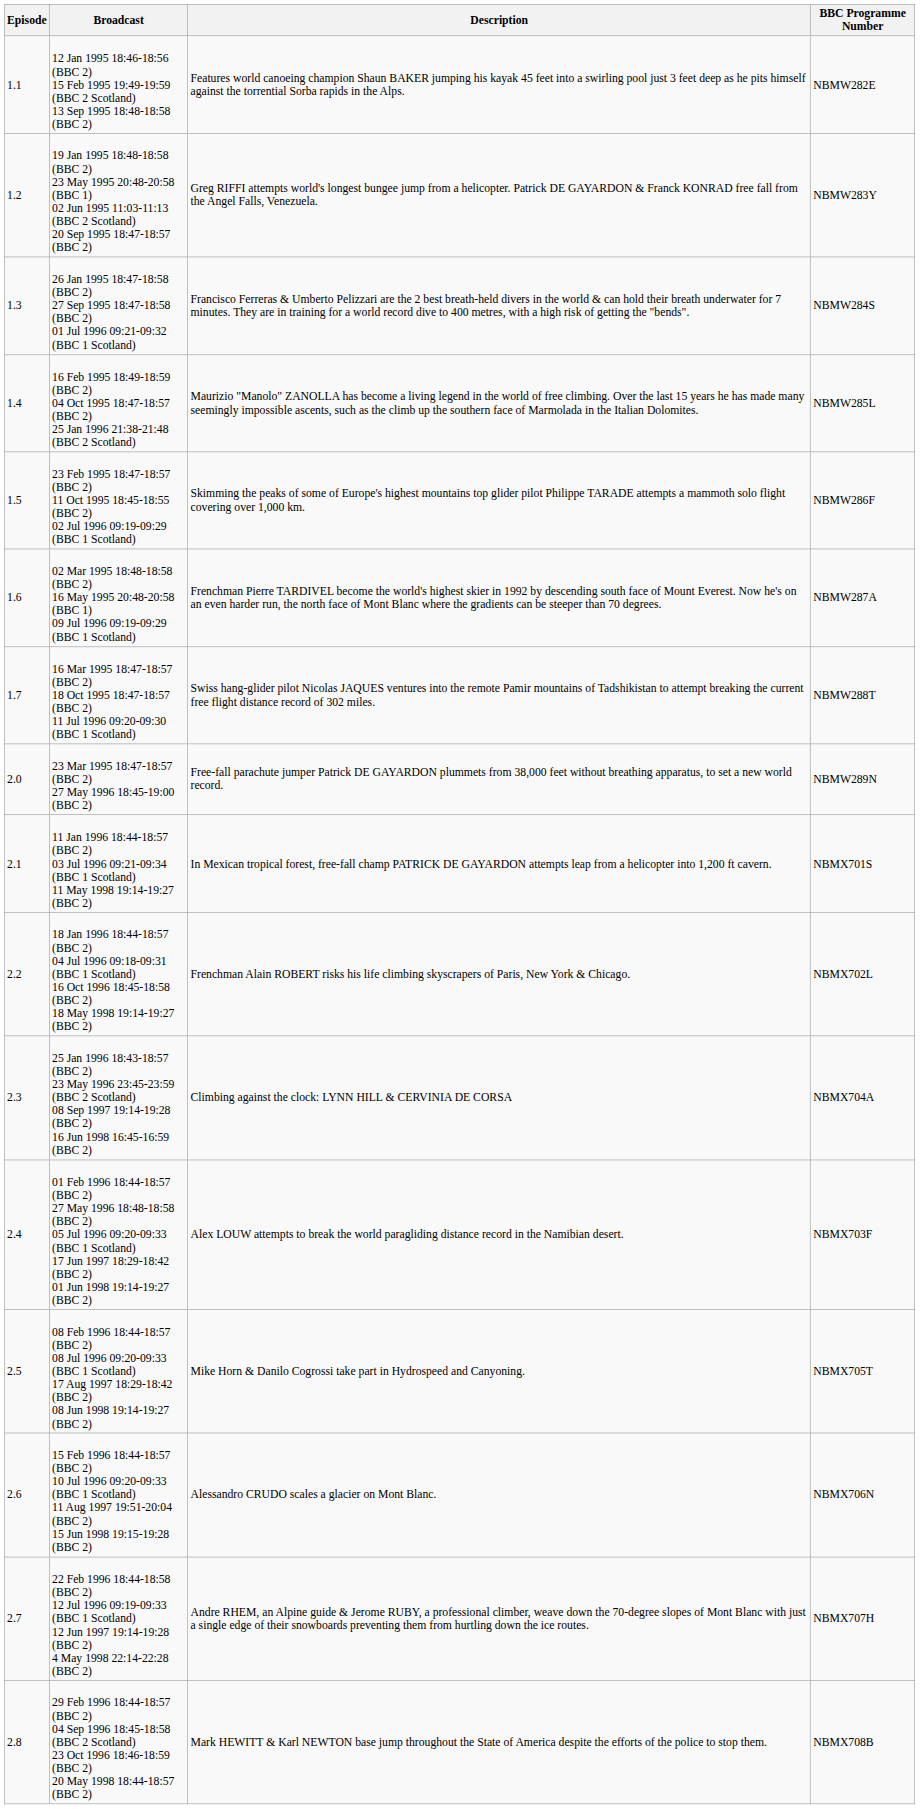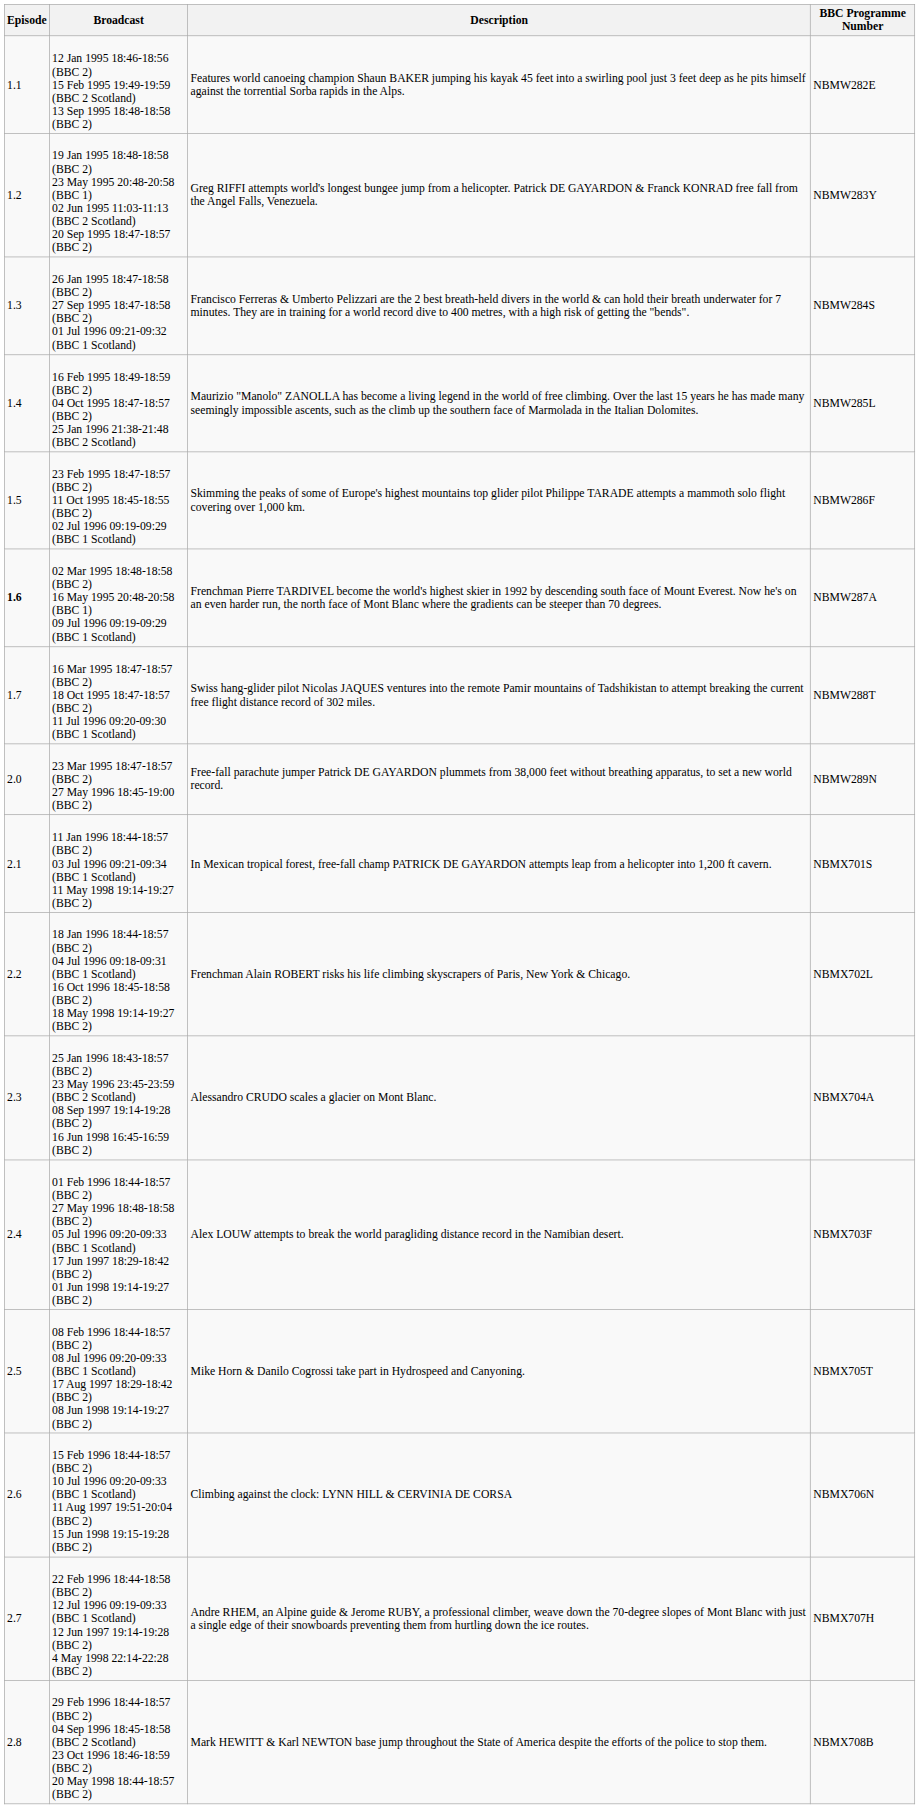 <table class="wikitable">
 <tr>
 <th>Episode</th>
 <th>Broadcast</th>
 <th>Description</th>
 <th>BBC Programme Number</th>
 </tr>
 <tr>
 <td>1.1</td>
 <td><br>12 Jan 1995 18:46-18:56 (BBC 2)<br>15 Feb 1995 19:49-19:59 (BBC 2 Scotland)<br>13 Sep 1995 18:48-18:58 (BBC 2)</td>
 <td>Features world canoeing champion Shaun BAKER jumping his kayak 45 feet into a swirling pool just 3 feet deep as he pits himself against the torrential Sorba rapids in the Alps.</td>
 <td>NBMW282E</td>
 </tr>
 <tr>
 <td>1.2</td>
 <td><br>19 Jan 1995 18:48-18:58 (BBC 2)<br>23 May 1995 20:48-20:58 (BBC 1)<br>02 Jun 1995 11:03-11:13 (BBC 2 Scotland)<br>20 Sep 1995 18:47-18:57 (BBC 2)</td>
 <td>Greg RIFFI attempts world's longest bungee jump from a helicopter. Patrick DE GAYARDON & Franck KONRAD free fall from the Angel Falls, Venezuela.</td>
 <td>NBMW283Y</td>
 </tr>
 <tr>
 <td>1.3</td>
 <td><br>26 Jan 1995 18:47-18:58 (BBC 2)<br>27 Sep 1995 18:47-18:58 (BBC 2)<br>01 Jul 1996 09:21-09:32 (BBC 1 Scotland)</td>
 <td>Francisco Ferreras & Umberto Pelizzari are the 2 best breath-held divers in the world & can hold their breath underwater for 7 minutes. They are in training for a world record dive to 400 metres, with a high risk of getting the "bends".</td>
 <td>NBMW284S</td>
 </tr>
 <tr>
 <td>1.4</td>
 <td><br>16 Feb 1995 18:49-18:59 (BBC 2)<br>04 Oct 1995 18:47-18:57 (BBC 2)<br>25 Jan 1996 21:38-21:48 (BBC 2 Scotland)</td>
 <td>Maurizio "Manolo" ZANOLLA has become a living legend in the world of free climbing. Over the last 15 years he has made many seemingly impossible ascents, such as the climb up the southern face of Marmolada in the Italian Dolomites.</td>
 <td>NBMW285L</td>
 </tr>
 <tr>
 <td>1.5</td>
 <td><br>23 Feb 1995 18:47-18:57 (BBC 2)<br>11 Oct 1995 18:45-18:55 (BBC 2)<br>02 Jul 1996 09:19-09:29 (BBC 1 Scotland)</td>
 <td>Skimming the peaks of some of Europe's highest mountains top glider pilot Philippe TARADE attempts a mammoth solo flight covering over 1,000 km.</td>
 <td>NBMW286F</td>
 </tr>
 <tr>
-<td>1.6</td>
+<td><strong>1.6</strong></td>
 <td><br>02 Mar 1995 18:48-18:58 (BBC 2)<br>16 May 1995 20:48-20:58 (BBC 1)<br>09 Jul 1996 09:19-09:29 (BBC 1 Scotland)</td>
 <td>Frenchman Pierre TARDIVEL become the world's highest skier in 1992 by descending south face of Mount Everest. Now he's on an even harder run, the north face of Mont Blanc where the gradients can be steeper than 70 degrees.</td>
 <td>NBMW287A</td>
 </tr>
 <tr>
 <td>1.7</td>
 <td><br>16 Mar 1995 18:47-18:57 (BBC 2)<br>18 Oct 1995 18:47-18:57 (BBC 2)<br>11 Jul 1996 09:20-09:30 (BBC 1 Scotland)</td>
 <td>Swiss hang-glider pilot Nicolas JAQUES ventures into the remote Pamir mountains of Tadshikistan to attempt breaking the current free flight distance record of 302 miles.</td>
 <td>NBMW288T</td>
 </tr>
 <tr>
 <td>2.0</td>
 <td><br>23 Mar 1995 18:47-18:57 (BBC 2)<br>27 May 1996 18:45-19:00 (BBC 2)</td>
 <td>Free-fall parachute jumper Patrick DE GAYARDON plummets from 38,000 feet without breathing apparatus, to set a new world record.</td>
 <td>NBMW289N</td>
 </tr>
 <tr>
 <td>2.1</td>
 <td><br>11 Jan 1996 18:44-18:57 (BBC 2)<br>03 Jul 1996 09:21-09:34 (BBC 1 Scotland)<br>11 May 1998 19:14-19:27 (BBC 2)</td>
 <td>In Mexican tropical forest, free-fall champ PATRICK DE GAYARDON attempts leap from a helicopter into 1,200 ft cavern.</td>
 <td>NBMX701S</td>
 </tr>
 <tr>
 <td>2.2</td>
 <td><br>18 Jan 1996 18:44-18:57 (BBC 2)<br>04 Jul 1996 09:18-09:31 (BBC 1 Scotland)<br>16 Oct 1996 18:45-18:58 (BBC 2)<br>18 May 1998 19:14-19:27 (BBC 2)</td>
 <td>Frenchman Alain ROBERT risks his life climbing skyscrapers of Paris, New York & Chicago.</td>
 <td>NBMX702L</td>
 </tr>
 <tr>
 <td>2.3</td>
 <td><br>25 Jan 1996 18:43-18:57 (BBC 2)<br>23 May 1996 23:45-23:59 (BBC 2 Scotland)<br>08 Sep 1997 19:14-19:28 (BBC 2)<br>16 Jun 1998 16:45-16:59 (BBC 2)</td>
-<td>Climbing against the clock: LYNN HILL & CERVINIA DE CORSA</td>
+<td>Alessandro CRUDO scales a glacier on Mont Blanc.</td>
 <td>NBMX704A</td>
 </tr>
 <tr>
 <td>2.4</td>
 <td><br>01 Feb 1996 18:44-18:57 (BBC 2)<br>27 May 1996 18:48-18:58 (BBC 2)<br>05 Jul 1996 09:20-09:33 (BBC 1 Scotland)<br>17 Jun 1997 18:29-18:42 (BBC 2)<br>01 Jun 1998 19:14-19:27 (BBC 2)</td>
 <td>Alex LOUW attempts to break the world paragliding distance record in the Namibian desert.</td>
 <td>NBMX703F</td>
 </tr>
 <tr>
 <td>2.5</td>
 <td><br>08 Feb 1996 18:44-18:57 (BBC 2)<br>08 Jul 1996 09:20-09:33 (BBC 1 Scotland)<br>17 Aug 1997 18:29-18:42 (BBC 2)<br>08 Jun 1998 19:14-19:27 (BBC 2)</td>
 <td>Mike Horn & Danilo Cogrossi take part in Hydrospeed and Canyoning.</td>
 <td>NBMX705T</td>
 </tr>
 <tr>
 <td>2.6</td>
 <td><br>15 Feb 1996 18:44-18:57 (BBC 2)<br>10 Jul 1996 09:20-09:33 (BBC 1 Scotland)<br>11 Aug 1997 19:51-20:04 (BBC 2)<br>15 Jun 1998 19:15-19:28 (BBC 2)</td>
-<td>Alessandro CRUDO scales a glacier on Mont Blanc.</td>
+<td>Climbing against the clock: LYNN HILL & CERVINIA DE CORSA</td>
 <td>NBMX706N</td>
 </tr>
 <tr>
 <td>2.7</td>
 <td><br>22 Feb 1996 18:44-18:58 (BBC 2)<br>12 Jul 1996 09:19-09:33 (BBC 1 Scotland)<br>12 Jun 1997 19:14-19:28 (BBC 2)<br>4 May 1998 22:14-22:28 (BBC 2)</td>
 <td>Andre RHEM, an Alpine guide & Jerome RUBY, a professional climber, weave down the 70-degree slopes of Mont Blanc with just a single edge of their snowboards preventing them from hurtling down the ice routes.</td>
 <td>NBMX707H</td>
 </tr>
 <tr>
 <td>2.8</td>
 <td><br>29 Feb 1996 18:44-18:57 (BBC 2)<br>04 Sep 1996 18:45-18:58 (BBC 2 Scotland)<br>23 Oct 1996 18:46-18:59 (BBC 2)<br>20 May 1998 18:44-18:57 (BBC 2)</td>
 <td>Mark HEWITT & Karl NEWTON base jump throughout the State of America despite the efforts of the police to stop them.</td>
 <td>NBMX708B</td>
 </tr>
 </table>
